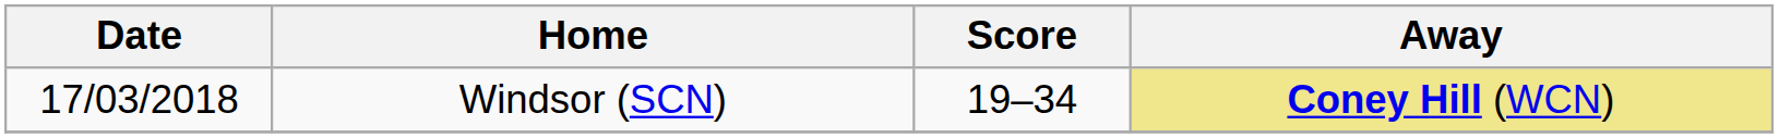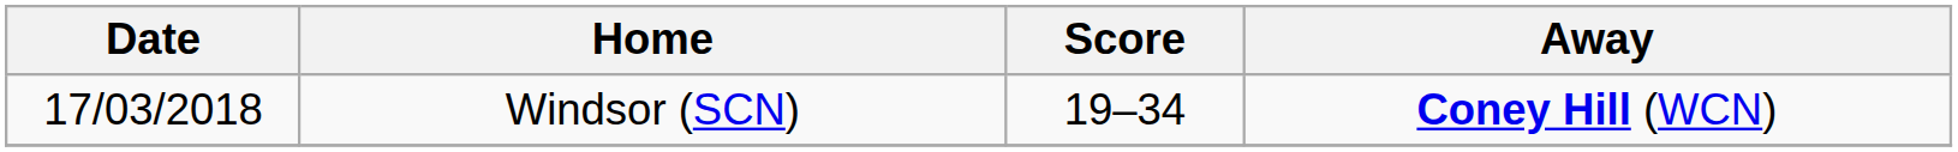 <table class="wikitable" style="text-align: center">
 <tr>
 <th width=100>Date</th>
 <th width=250>Home</th>
 <th width=80>Score</th>
 <th width=250>Away</th>
 </tr>
 <tr>
 <td>17/03/2018</td>
 <td>Windsor (<a href='#'>SCN</a>)</td>
 <td>19–34</td>
-<td style="background: khaki;"><strong><a href='#'>Coney Hill</a></strong> (<a href='#'>WCN</a>)</td>
+<td><strong><a href='#'>Coney Hill</a></strong> (<a href='#'>WCN</a>)</td>
 </tr>
 <tr>
 </tr>
 </table>
